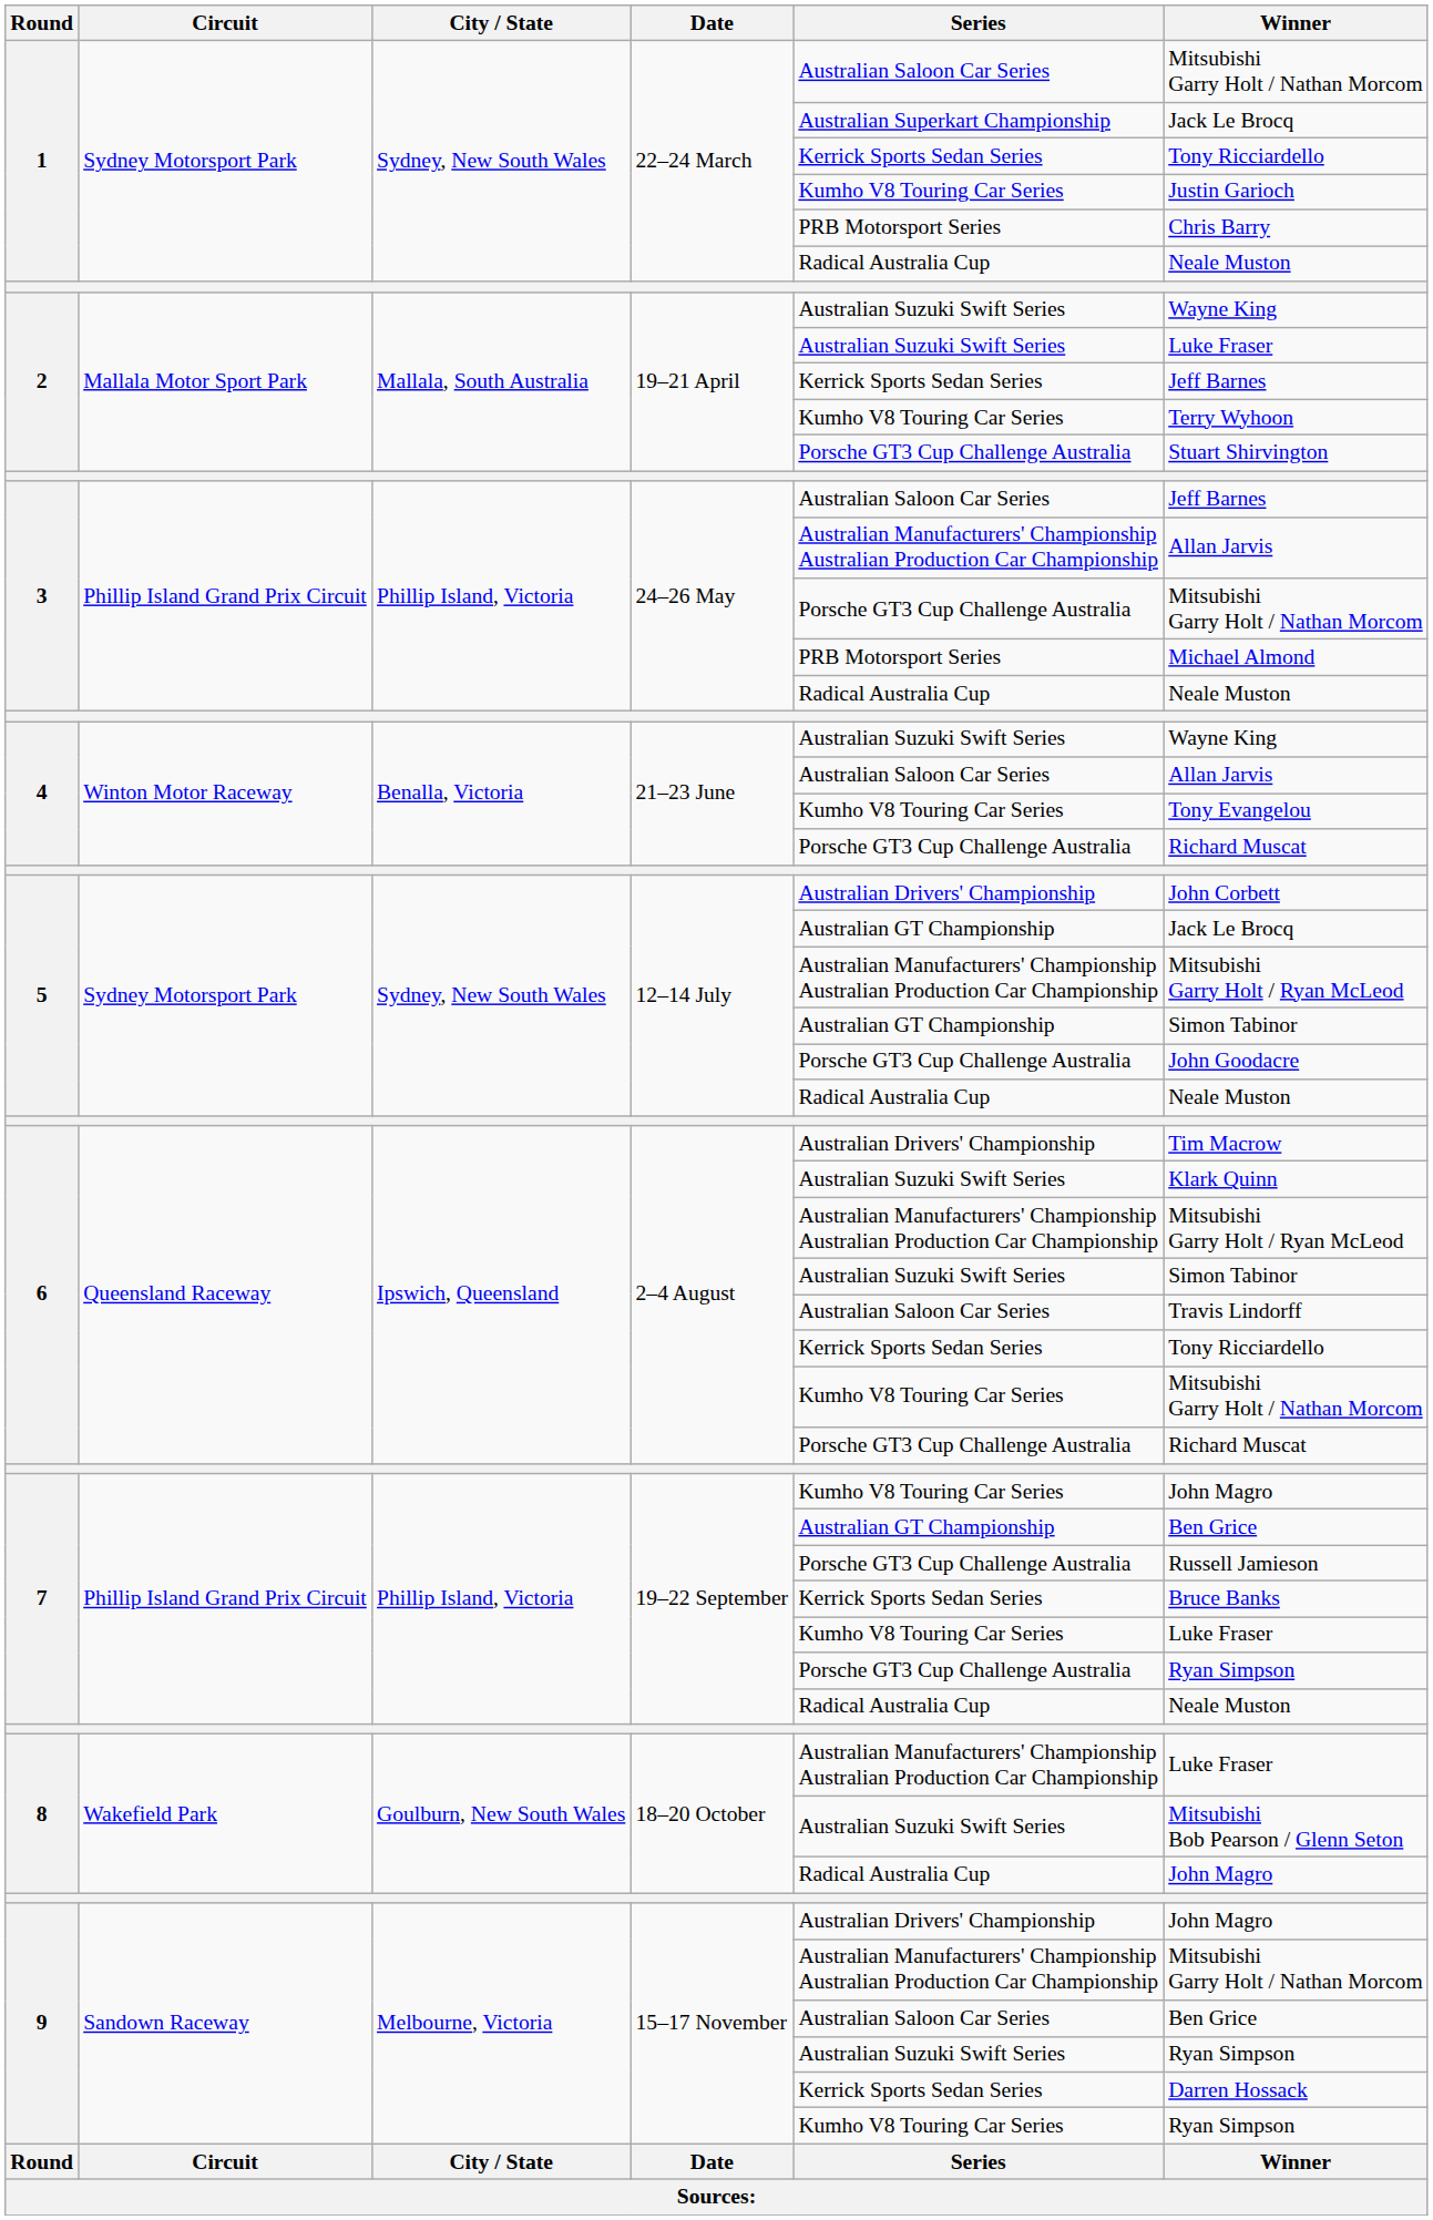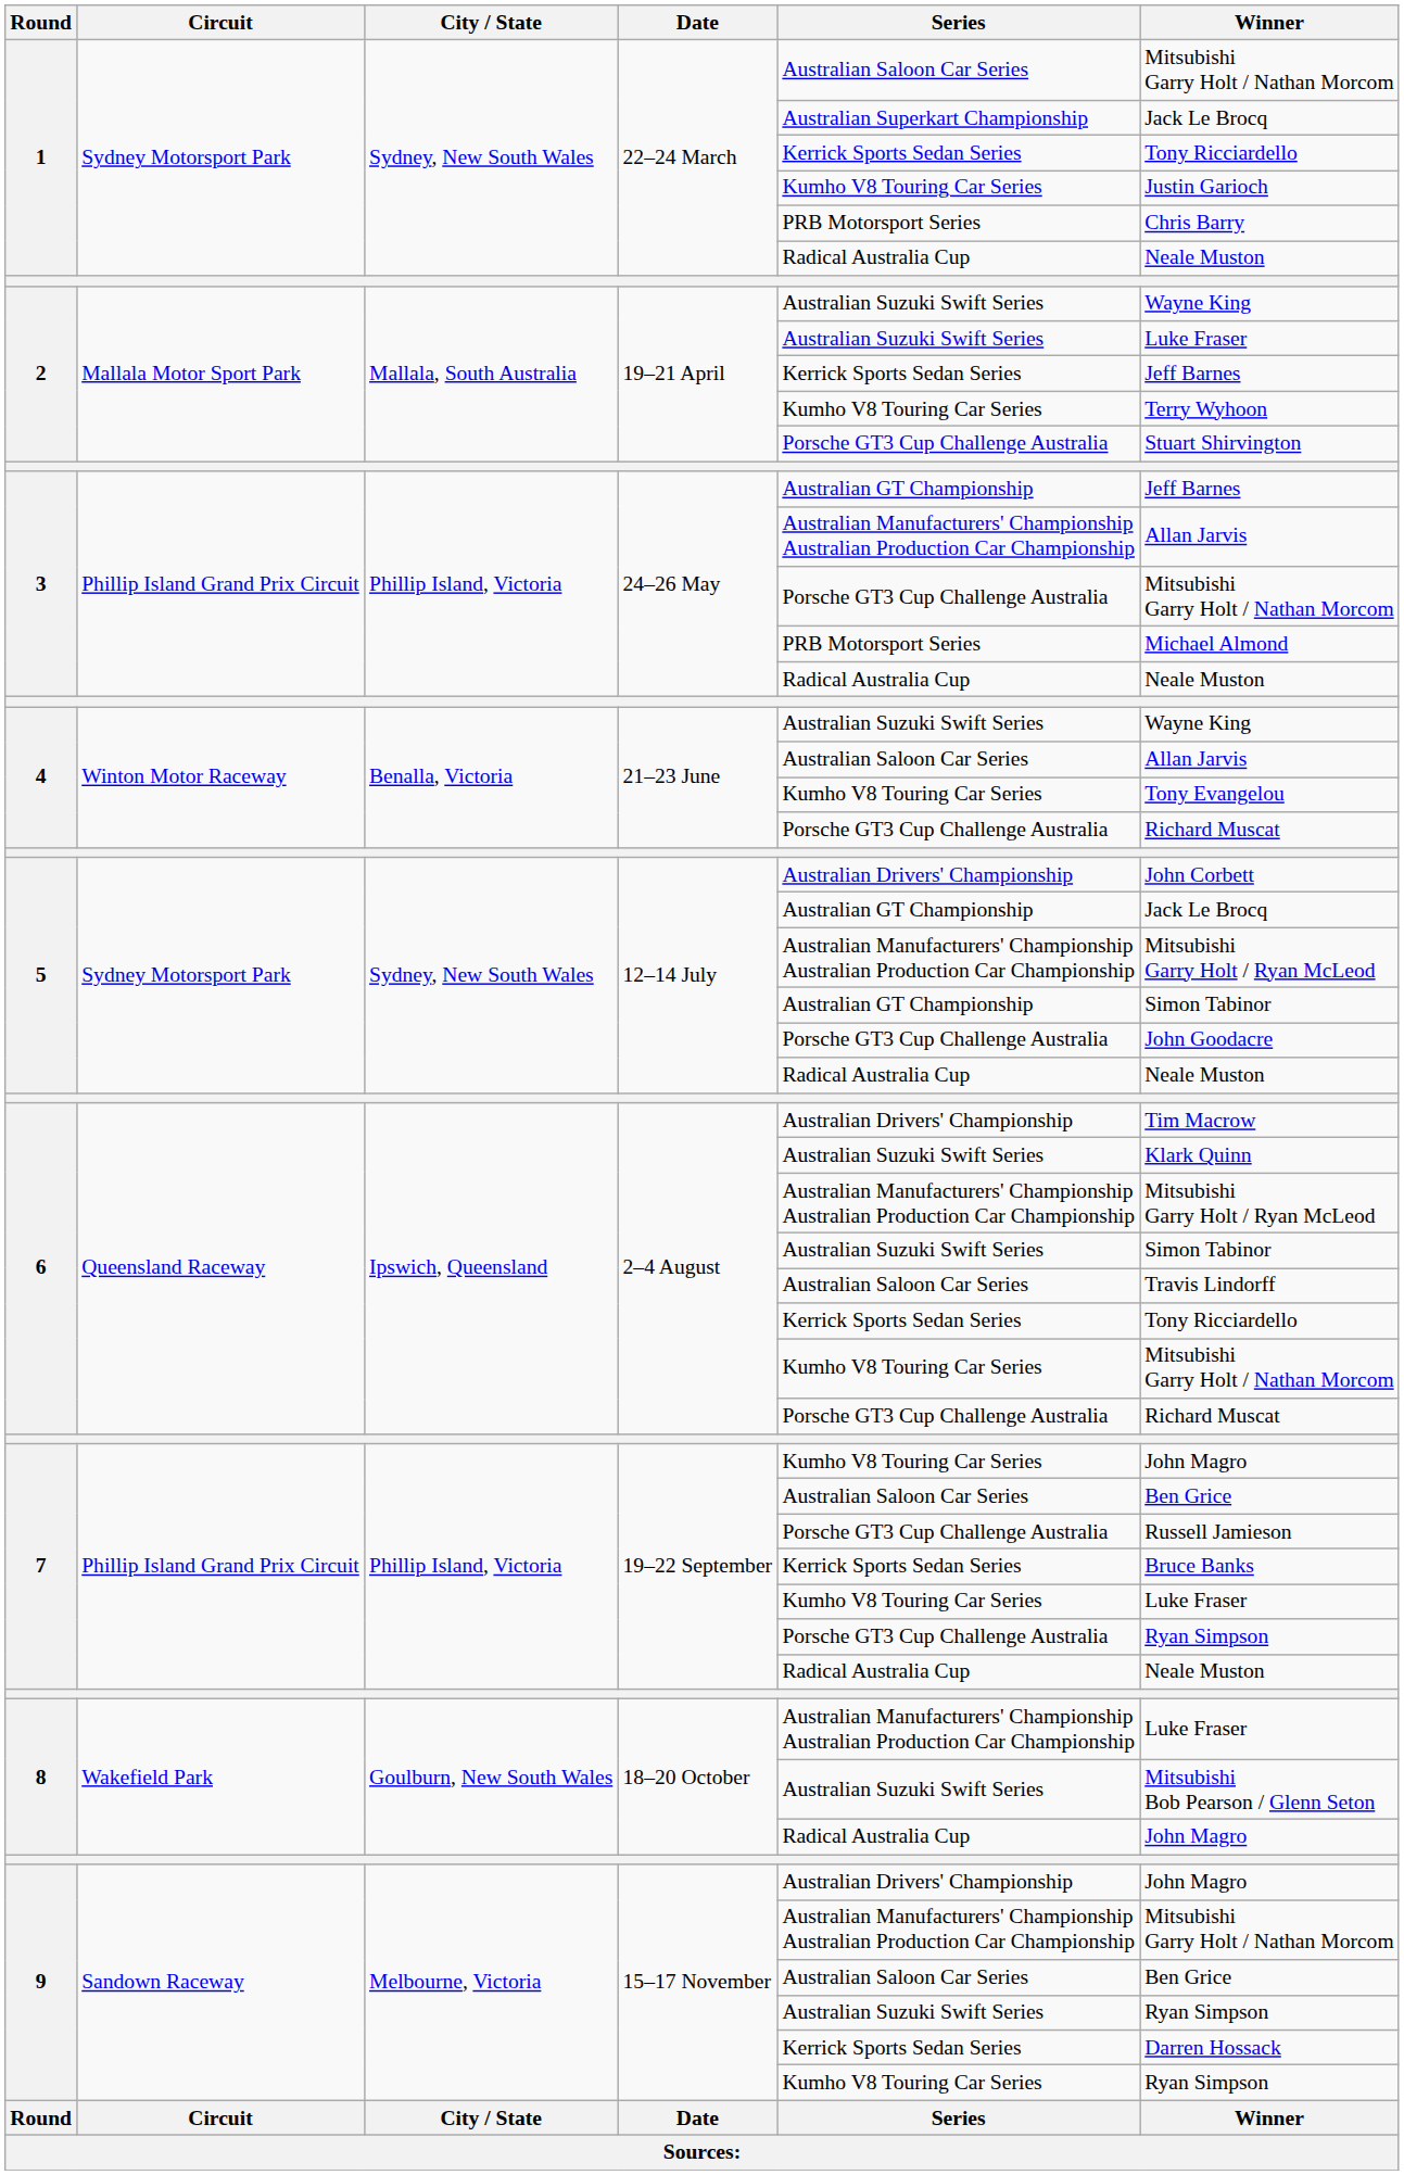 <table class="wikitable" style="font-size: 85%">
 <tr>
 <th>Round</th>
 <th>Circuit</th>
 <th>City / State</th>
 <th>Date</th>
 <th>Series</th>
 <th>Winner</th>
 </tr>
 <tr>
 <th rowspan="6">1</th>
 <td rowspan="6"> <a href='#'>Sydney Motorsport Park</a></td>
 <td rowspan="6"><a href='#'>Sydney</a>, <a href='#'>New South Wales</a></td>
 <td rowspan="6">22–24 March</td>
 <td><a href='#'>Australian Saloon Car Series</a></td>
 <td>Mitsubishi<br>Garry Holt / Nathan Morcom</td>
 </tr>
 <tr>
 <td><a href='#'>Australian Superkart Championship</a></td>
 <td>Jack Le Brocq</td>
 </tr>
 <tr>
 <td><a href='#'>Kerrick Sports Sedan Series</a></td>
 <td><a href='#'>Tony Ricciardello</a></td>
 </tr>
 <tr>
 <td><a href='#'>Kumho V8 Touring Car Series</a></td>
 <td><a href='#'>Justin Garioch</a></td>
 </tr>
 <tr>
 <td>PRB Motorsport Series</td>
 <td><a href='#'>Chris Barry</a></td>
 </tr>
 <tr>
 <td>Radical Australia Cup</td>
 <td><a href='#'>Neale Muston</a></td>
 </tr>
 <tr>
 <th colspan="6"></th>
 </tr>
 <tr>
 <th rowspan="5">2</th>
 <td rowspan="5"> <a href='#'>Mallala Motor Sport Park</a></td>
 <td rowspan="5"><a href='#'>Mallala</a>, <a href='#'>South Australia</a></td>
 <td rowspan="5">19–21 April</td>
 <td>Australian Suzuki Swift Series</td>
 <td><a href='#'>Wayne King</a></td>
 </tr>
 <tr>
 <td><a href='#'>Australian Suzuki Swift Series</a></td>
 <td><a href='#'>Luke Fraser</a></td>
 </tr>
 <tr>
 <td>Kerrick Sports Sedan Series</td>
 <td><a href='#'>Jeff Barnes</a></td>
 </tr>
 <tr>
 <td>Kumho V8 Touring Car Series</td>
 <td><a href='#'>Terry Wyhoon</a></td>
 </tr>
 <tr>
 <td><a href='#'>Porsche GT3 Cup Challenge Australia</a></td>
 <td><a href='#'>Stuart Shirvington</a></td>
 </tr>
 <tr>
 <th colspan="6"></th>
 </tr>
 <tr>
 <th rowspan="5">3</th>
 <td rowspan="5"> <a href='#'>Phillip Island Grand Prix Circuit</a></td>
 <td rowspan="5"><a href='#'>Phillip Island</a>, <a href='#'>Victoria</a></td>
 <td rowspan="5">24–26 May</td>
-<td>Australian Saloon Car Series</td>
+<td><a href='#'>Australian GT Championship</a></td>
 <td><a href='#'>Jeff Barnes</a></td>
 </tr>
 <tr>
 <td><a href='#'>Australian Manufacturers' Championship</a><br><a href='#'>Australian Production Car Championship</a></td>
 <td><a href='#'>Allan Jarvis</a></td>
 </tr>
 <tr>
 <td>Porsche GT3 Cup Challenge Australia</td>
 <td>Mitsubishi<br>Garry Holt / <a href='#'>Nathan Morcom</a></td>
 </tr>
 <tr>
 <td>PRB Motorsport Series</td>
 <td><a href='#'>Michael Almond</a></td>
 </tr>
 <tr>
 <td>Radical Australia Cup</td>
 <td>Neale Muston</td>
 </tr>
 <tr>
 <th colspan="6"></th>
 </tr>
 <tr>
 <th rowspan="4">4</th>
 <td rowspan="4"> <a href='#'>Winton Motor Raceway</a></td>
 <td rowspan="4"><a href='#'>Benalla</a>, <a href='#'>Victoria</a></td>
 <td rowspan="4">21–23 June</td>
 <td>Australian Suzuki Swift Series</td>
 <td>Wayne King</td>
 </tr>
 <tr>
 <td>Australian Saloon Car Series</td>
 <td><a href='#'>Allan Jarvis</a></td>
 </tr>
 <tr>
 <td>Kumho V8 Touring Car Series</td>
 <td><a href='#'>Tony Evangelou</a></td>
 </tr>
 <tr>
 <td>Porsche GT3 Cup Challenge Australia</td>
 <td><a href='#'>Richard Muscat</a></td>
 </tr>
 <tr>
 <th colspan="6"></th>
 </tr>
 <tr>
 <th rowspan="6">5</th>
 <td rowspan="6"> <a href='#'>Sydney Motorsport Park</a></td>
 <td rowspan="6"><a href='#'>Sydney</a>, <a href='#'>New South Wales</a></td>
 <td rowspan="6">12–14 July</td>
 <td><a href='#'>Australian Drivers' Championship</a></td>
 <td><a href='#'>John Corbett</a></td>
 </tr>
 <tr>
 <td>Australian GT Championship</td>
 <td>Jack Le Brocq</td>
 </tr>
 <tr>
 <td>Australian Manufacturers' Championship<br>Australian Production Car Championship</td>
 <td>Mitsubishi<br><a href='#'>Garry Holt</a> / <a href='#'>Ryan McLeod</a></td>
 </tr>
 <tr>
 <td>Australian GT Championship</td>
 <td>Simon Tabinor</td>
 </tr>
 <tr>
 <td>Porsche GT3 Cup Challenge Australia</td>
 <td><a href='#'>John Goodacre</a></td>
 </tr>
 <tr>
 <td>Radical Australia Cup</td>
 <td>Neale Muston</td>
 </tr>
 <tr>
 <th colspan="6"></th>
 </tr>
 <tr>
 <th rowspan="8">6</th>
 <td rowspan="8"> <a href='#'>Queensland Raceway</a></td>
 <td rowspan="8"><a href='#'>Ipswich</a>, <a href='#'>Queensland</a></td>
 <td rowspan="8">2–4 August</td>
 <td>Australian Drivers' Championship</td>
 <td><a href='#'>Tim Macrow</a></td>
 </tr>
 <tr>
 <td>Australian Suzuki Swift Series</td>
 <td><a href='#'>Klark Quinn</a></td>
 </tr>
 <tr>
 <td>Australian Manufacturers' Championship<br>Australian Production Car Championship</td>
 <td>Mitsubishi<br>Garry Holt / Ryan McLeod</td>
 </tr>
 <tr>
 <td>Australian Suzuki Swift Series</td>
 <td>Simon Tabinor</td>
 </tr>
 <tr>
 <td>Australian Saloon Car Series</td>
 <td>Travis Lindorff</td>
 </tr>
 <tr>
 <td>Kerrick Sports Sedan Series</td>
 <td>Tony Ricciardello</td>
 </tr>
 <tr>
 <td>Kumho V8 Touring Car Series</td>
 <td>Mitsubishi<br>Garry Holt / <a href='#'>Nathan Morcom</a></td>
 </tr>
 <tr>
 <td>Porsche GT3 Cup Challenge Australia</td>
 <td>Richard Muscat</td>
 </tr>
 <tr>
 <th colspan="6"></th>
 </tr>
 <tr>
 <th rowspan="7">7</th>
 <td rowspan="7"> <a href='#'>Phillip Island Grand Prix Circuit</a></td>
 <td rowspan="7"><a href='#'>Phillip Island</a>, <a href='#'>Victoria</a></td>
 <td rowspan="7">19–22 September</td>
 <td>Kumho V8 Touring Car Series</td>
 <td>John Magro</td>
 </tr>
 <tr>
-<td><a href='#'>Australian GT Championship</a></td>
+<td>Australian Saloon Car Series</td>
 <td><a href='#'>Ben Grice</a></td>
 </tr>
 <tr>
 <td>Porsche GT3 Cup Challenge Australia</td>
 <td>Russell Jamieson</td>
 </tr>
 <tr>
 <td>Kerrick Sports Sedan Series</td>
 <td><a href='#'>Bruce Banks</a></td>
 </tr>
 <tr>
 <td>Kumho V8 Touring Car Series</td>
 <td>Luke Fraser</td>
 </tr>
 <tr>
 <td>Porsche GT3 Cup Challenge Australia</td>
 <td><a href='#'>Ryan Simpson</a></td>
 </tr>
 <tr>
 <td>Radical Australia Cup</td>
 <td>Neale Muston</td>
 </tr>
 <tr>
 <th colspan="6"></th>
 </tr>
 <tr>
 <th rowspan="3">8</th>
 <td rowspan="3"> <a href='#'>Wakefield Park</a></td>
 <td rowspan="3"><a href='#'>Goulburn</a>, <a href='#'>New South Wales</a></td>
 <td rowspan="3">18–20 October</td>
 <td>Australian Manufacturers' Championship<br>Australian Production Car Championship</td>
 <td>Luke Fraser</td>
 </tr>
 <tr>
 <td>Australian Suzuki Swift Series</td>
 <td><a href='#'>Mitsubishi</a><br>Bob Pearson / <a href='#'>Glenn Seton</a></td>
 </tr>
 <tr>
 <td>Radical Australia Cup</td>
 <td><a href='#'>John Magro</a></td>
 </tr>
 <tr>
 <th colspan="6"></th>
 </tr>
 <tr>
 <th rowspan="6">9</th>
 <td rowspan="6"> <a href='#'>Sandown Raceway</a></td>
 <td rowspan="6"><a href='#'>Melbourne</a>, <a href='#'>Victoria</a></td>
 <td rowspan="6">15–17 November</td>
 <td>Australian Drivers' Championship</td>
 <td>John Magro</td>
 </tr>
 <tr>
 <td>Australian Manufacturers' Championship<br>Australian Production Car Championship</td>
 <td>Mitsubishi<br>Garry Holt / Nathan Morcom</td>
 </tr>
 <tr>
 <td>Australian Saloon Car Series</td>
 <td>Ben Grice</td>
 </tr>
 <tr>
 <td>Australian Suzuki Swift Series</td>
 <td>Ryan Simpson</td>
 </tr>
 <tr>
 <td>Kerrick Sports Sedan Series</td>
 <td><a href='#'>Darren Hossack</a></td>
 </tr>
 <tr>
 <td>Kumho V8 Touring Car Series</td>
 <td>Ryan Simpson</td>
 </tr>
 <tr>
 <th>Round</th>
 <th>Circuit</th>
 <th>City / State</th>
 <th>Date</th>
 <th>Series</th>
 <th>Winner</th>
 </tr>
 <tr>
 <th colspan=6>Sources:</th>
 </tr>
 <tr>
 </tr>
 </table>
